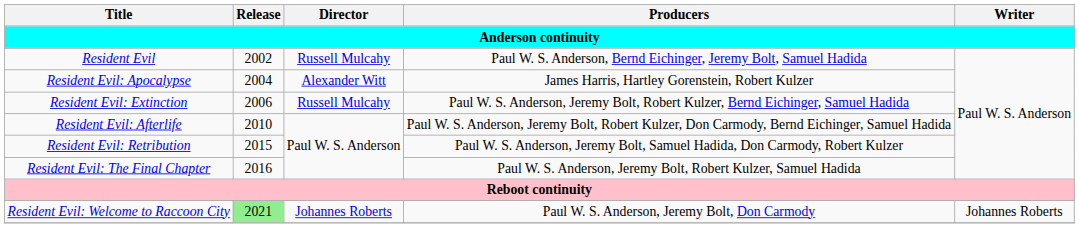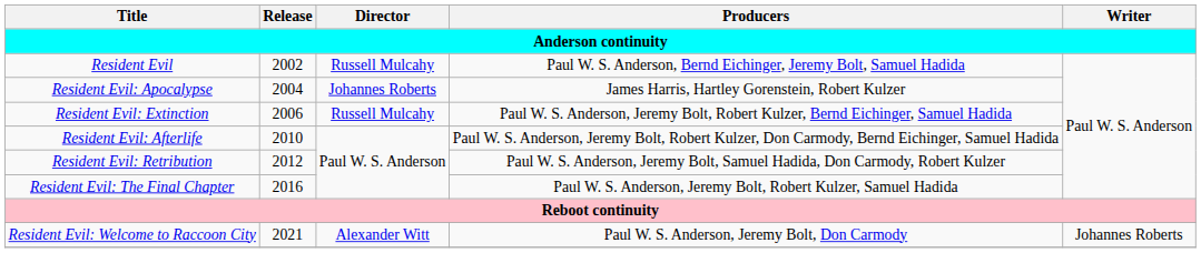 <table class="wikitable">
 <tr>
 <th>Title</th>
 <th>Release</th>
 <th>Director</th>
 <th>Producers</th>
 <th>Writer</th>
 </tr>
 <tr>
 <th colspan="5" style="background-color: aqua;">Anderson continuity</th>
 </tr>
 <tr style="text-align: center;">
 <td><em><a href='#'>Resident Evil</a></em></td>
 <td>2002</td>
 <td><a href='#'>Russell Mulcahy</a></td>
 <td>Paul W. S. Anderson, <a href='#'>Bernd Eichinger</a>, <a href='#'>Jeremy Bolt</a>, <a href='#'>Samuel Hadida</a></td>
 <td rowspan="6">Paul W. S. Anderson</td>
 </tr>
 <tr style="text-align: center;">
 <td><em><a href='#'>Resident Evil: Apocalypse</a></em></td>
 <td>2004</td>
-<td><a href='#'>Alexander Witt</a></td>
+<td><a href='#'>Johannes Roberts</a></td>
 <td>James Harris, Hartley Gorenstein, Robert Kulzer</td>
 </tr>
 <tr style="text-align: center;">
 <td><em><a href='#'>Resident Evil: Extinction</a></em></td>
 <td>2006</td>
 <td><a href='#'>Russell Mulcahy</a></td>
 <td>Paul W. S. Anderson, Jeremy Bolt, Robert Kulzer, <a href='#'>Bernd Eichinger</a>, <a href='#'>Samuel Hadida</a></td>
 </tr>
 <tr style="text-align: center;">
 <td><em><a href='#'>Resident Evil: Afterlife</a></em></td>
 <td>2010</td>
 <td rowspan="3">Paul W. S. Anderson</td>
 <td>Paul W. S. Anderson, Jeremy Bolt, Robert Kulzer, Don Carmody, Bernd Eichinger, Samuel Hadida</td>
 </tr>
 <tr style="text-align: center;">
 <td><em><a href='#'>Resident Evil: Retribution</a></em></td>
-<td>2015</td>
+<td>2012</td>
 <td>Paul W. S. Anderson, Jeremy Bolt, Samuel Hadida, Don Carmody, Robert Kulzer</td>
 </tr>
 <tr style="text-align: center;">
 <td><em><a href='#'>Resident Evil: The Final Chapter</a></em></td>
 <td>2016</td>
 <td>Paul W. S. Anderson, Jeremy Bolt, Robert Kulzer, Samuel Hadida</td>
 </tr>
 <tr>
 <th colspan="5" style="background-color: pink;">Reboot continuity</th>
 </tr>
 <tr style="text-align: center;">
 <td><em><a href='#'>Resident Evil: Welcome to Raccoon City</a></em></td>
-<td style="background: lightgreen;">2021</td>
-<td><a href='#'>Johannes Roberts</a></td>
+<td>2021</td>
+<td><a href='#'>Alexander Witt</a></td>
 <td>Paul W. S. Anderson, Jeremy Bolt, <a href='#'>Don Carmody</a></td>
 <td>Johannes Roberts</td>
 </tr>
 <tr>
 </tr>
 </table>
